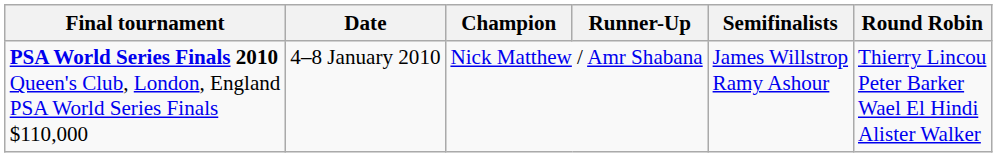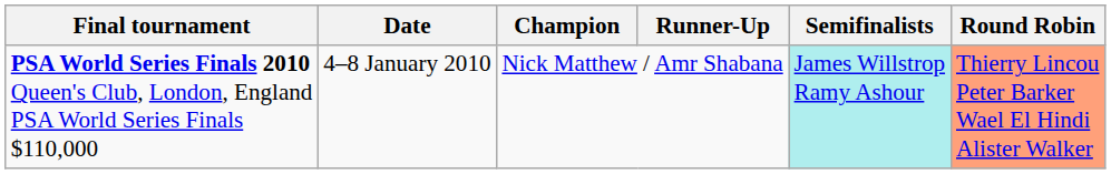 <table class="wikitable" style="font-size:88%">
 <tr>
 <th>Final tournament</th>
 <th>Date</th>
 <th>Champion</th>
 <th>Runner-Up</th>
 <th>Semifinalists</th>
 <th>Round Robin</th>
 </tr>
 <tr valign=top>
 <td><strong><a href='#'>PSA World Series Finals</a> 2010</strong><br> <a href='#'>Queen's Club</a>, <a href='#'>London</a>, England<br><a href='#'>PSA World Series Finals</a><br>$110,000</td>
 <td>4–8 January 2010</td>
 <td colspan=2 align=center> <a href='#'>Nick Matthew</a> /  <a href='#'>Amr Shabana</a></td>
-<td> <a href='#'>James Willstrop</a><br> <a href='#'>Ramy Ashour</a></td>
-<td> <a href='#'>Thierry Lincou</a><br> <a href='#'>Peter Barker</a><br> <a href='#'>Wael El Hindi</a><br> <a href='#'>Alister Walker</a></td>
+<td style="background: paleturquoise;"> <a href='#'>James Willstrop</a><br> <a href='#'>Ramy Ashour</a></td>
+<td style="background: lightsalmon;"> <a href='#'>Thierry Lincou</a><br> <a href='#'>Peter Barker</a><br> <a href='#'>Wael El Hindi</a><br> <a href='#'>Alister Walker</a></td>
 </tr>
 </table>
